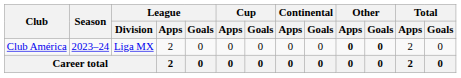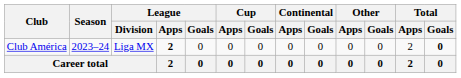 <table class=wikitable style=text-align:center>
 <tr>
 <th rowspan="2">Club</th>
 <th rowspan="2">Season</th>
 <th colspan="3">League</th>
 <th colspan="2">Cup</th>
 <th colspan="2">Continental</th>
 <th colspan="2">Other</th>
 <th colspan="2">Total</th>
 </tr>
 <tr>
 <th>Division</th>
 <th>Apps</th>
 <th>Goals</th>
 <th>Apps</th>
 <th>Goals</th>
 <th>Apps</th>
 <th>Goals</th>
 <th>Apps</th>
 <th>Goals</th>
 <th>Apps</th>
 <th>Goals</th>
 </tr>
 <tr>
 <td rowspan="1"><a href='#'>Club América</a></td>
 <td><a href='#'>2023–24</a></td>
 <td rowspan="1"><a href='#'>Liga MX</a></td>
-<td>2</td>
+<td><strong>2</strong></td>
 <td>0</td>
 <td>0</td>
 <td>0</td>
 <td>0</td>
 <td>0</td>
+<td>0</td>
+<td>0</td>
+<td>2</td>
 <td><strong>0</strong></td>
-<td><strong>0</strong></td>
-<td>2</td>
-<td>0</td>
 </tr>
 <tr>
 <th colspan="3"><strong>Career total</strong></th>
 <th>2</th>
 <th>0</th>
 <th>0</th>
 <th>0</th>
 <th>0</th>
 <th>0</th>
 <th>0</th>
 <th>0</th>
 <th>2</th>
 <th>0</th>
 </tr>
 </table>
